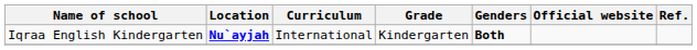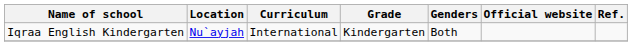 <table class="wikitable">
 <tr>
 <th>Name of school</th>
 <th>Location</th>
 <th>Curriculum</th>
 <th>Grade</th>
 <th>Genders</th>
 <th>Official website</th>
 <th>Ref.</th>
 </tr>
 <tr>
 <td>Iqraa English Kindergarten</td>
-<td><strong><a href='#'>Nu`ayjah</a></strong></td>
+<td><a href='#'>Nu`ayjah</a></td>
 <td>International</td>
 <td>Kindergarten</td>
-<td><strong>Both</strong></td>
+<td>Both</td>
 <td></td>
 <td></td>
 </tr>
 <tr>
 </tr>
 </table>
